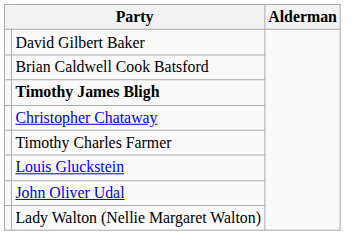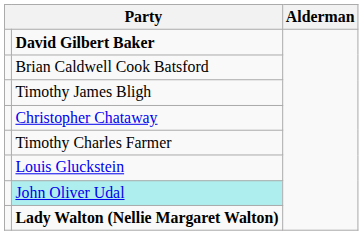 <table class="wikitable">
 <tr>
 <th colspan="2">Party</th>
 <th>Alderman</th>
 </tr>
 <tr>
 <td></td>
-<td>David Gilbert Baker</td>
+<td><strong>David Gilbert Baker</strong></td>
 </tr>
 <tr>
 <td></td>
 <td>Brian Caldwell Cook Batsford</td>
 </tr>
 <tr>
 <td></td>
-<td><strong>Timothy James Bligh</strong></td>
+<td>Timothy James Bligh</td>
 </tr>
 <tr>
 <td></td>
 <td><a href='#'>Christopher Chataway</a></td>
 </tr>
 <tr>
 <td></td>
 <td>Timothy Charles Farmer</td>
 </tr>
 <tr>
 <td></td>
 <td><a href='#'>Louis Gluckstein</a></td>
 </tr>
 <tr>
 <td></td>
-<td><a href='#'>John Oliver Udal</a></td>
+<td style="background: paleturquoise;"><a href='#'>John Oliver Udal</a></td>
 </tr>
 <tr>
 <td></td>
-<td>Lady Walton (Nellie Margaret Walton)</td>
+<td><strong>Lady Walton (Nellie Margaret Walton)</strong></td>
 </tr>
 </table>
